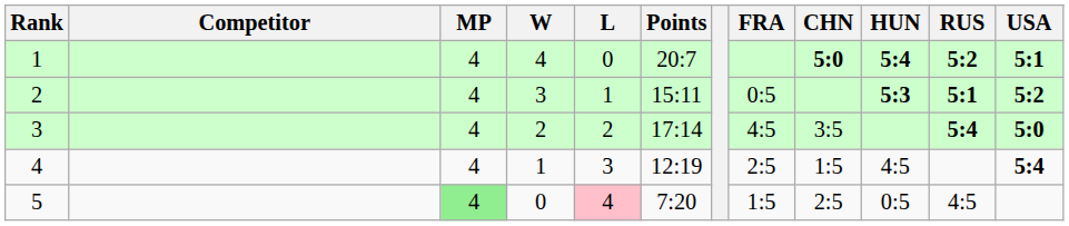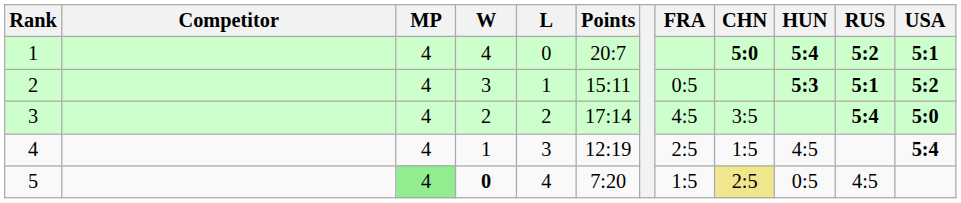 <table class="wikitable" style="text-align:center">
 <tr>
 <th>Rank</th>
 <th style="width:16em">Competitor</th>
 <th style="width:2.5em">MP</th>
 <th style="width:2.5em">W</th>
 <th style="width:2.5em">L</th>
 <th>Points</th>
 <th rowspan="6"> </th>
 <th style="width:2.5em">FRA</th>
 <th style="width:2.5em">CHN</th>
 <th style="width:2.5em">HUN</th>
 <th style="width:2.5em">RUS</th>
 <th style="width:2.5em">USA</th>
 </tr>
 <tr style="background:#cfc;">
 <td>1</td>
 <td style="text-align:left"></td>
 <td>4</td>
 <td>4</td>
 <td>0</td>
 <td>20:7</td>
 <td></td>
 <td><strong>5:0</strong></td>
 <td><strong>5:4</strong></td>
 <td><strong>5:2</strong></td>
 <td><strong>5:1</strong></td>
 </tr>
 <tr style="background:#cfc;">
 <td>2</td>
 <td style="text-align:left"></td>
 <td>4</td>
 <td>3</td>
 <td>1</td>
 <td>15:11</td>
 <td>0:5</td>
 <td></td>
 <td><strong>5:3</strong></td>
 <td><strong>5:1</strong></td>
 <td><strong>5:2</strong></td>
 </tr>
 <tr style="background:#cfc;">
 <td>3</td>
 <td style="text-align:left"></td>
 <td>4</td>
 <td>2</td>
 <td>2</td>
 <td>17:14</td>
 <td>4:5</td>
 <td>3:5</td>
 <td></td>
 <td><strong>5:4</strong></td>
 <td><strong>5:0</strong></td>
 </tr>
 <tr>
 <td>4</td>
 <td style="text-align:left"></td>
 <td>4</td>
 <td>1</td>
 <td>3</td>
 <td>12:19</td>
 <td>2:5</td>
 <td>1:5</td>
 <td>4:5</td>
 <td></td>
 <td><strong>5:4</strong></td>
 </tr>
 <tr>
 <td>5</td>
 <td style="text-align:left"></td>
 <td style="background: lightgreen;">4</td>
-<td>0</td>
-<td style="background: pink;">4</td>
+<td><strong>0</strong></td>
+<td>4</td>
 <td>7:20</td>
 <td>1:5</td>
-<td>2:5</td>
+<td style="background: khaki;">2:5</td>
 <td>0:5</td>
 <td>4:5</td>
 <td></td>
 </tr>
 </table>
